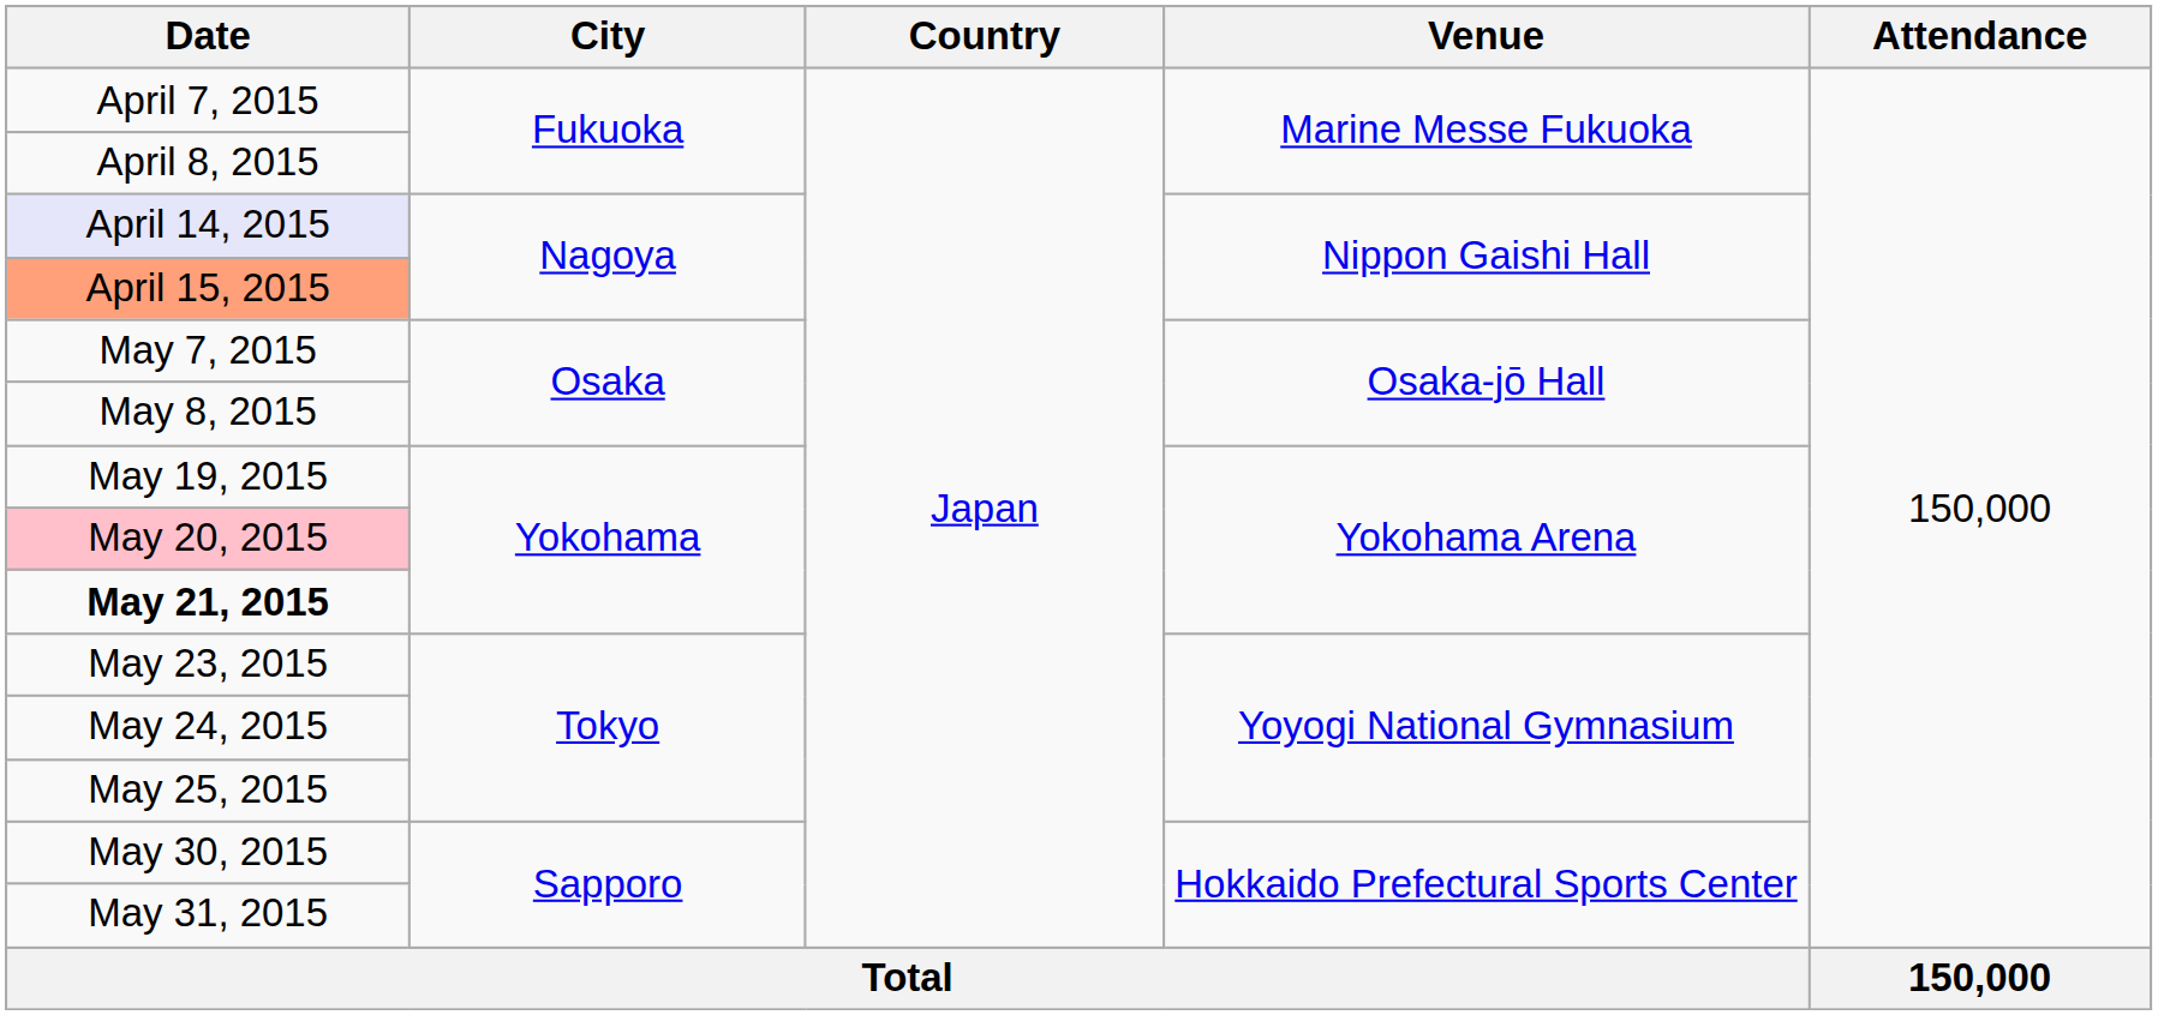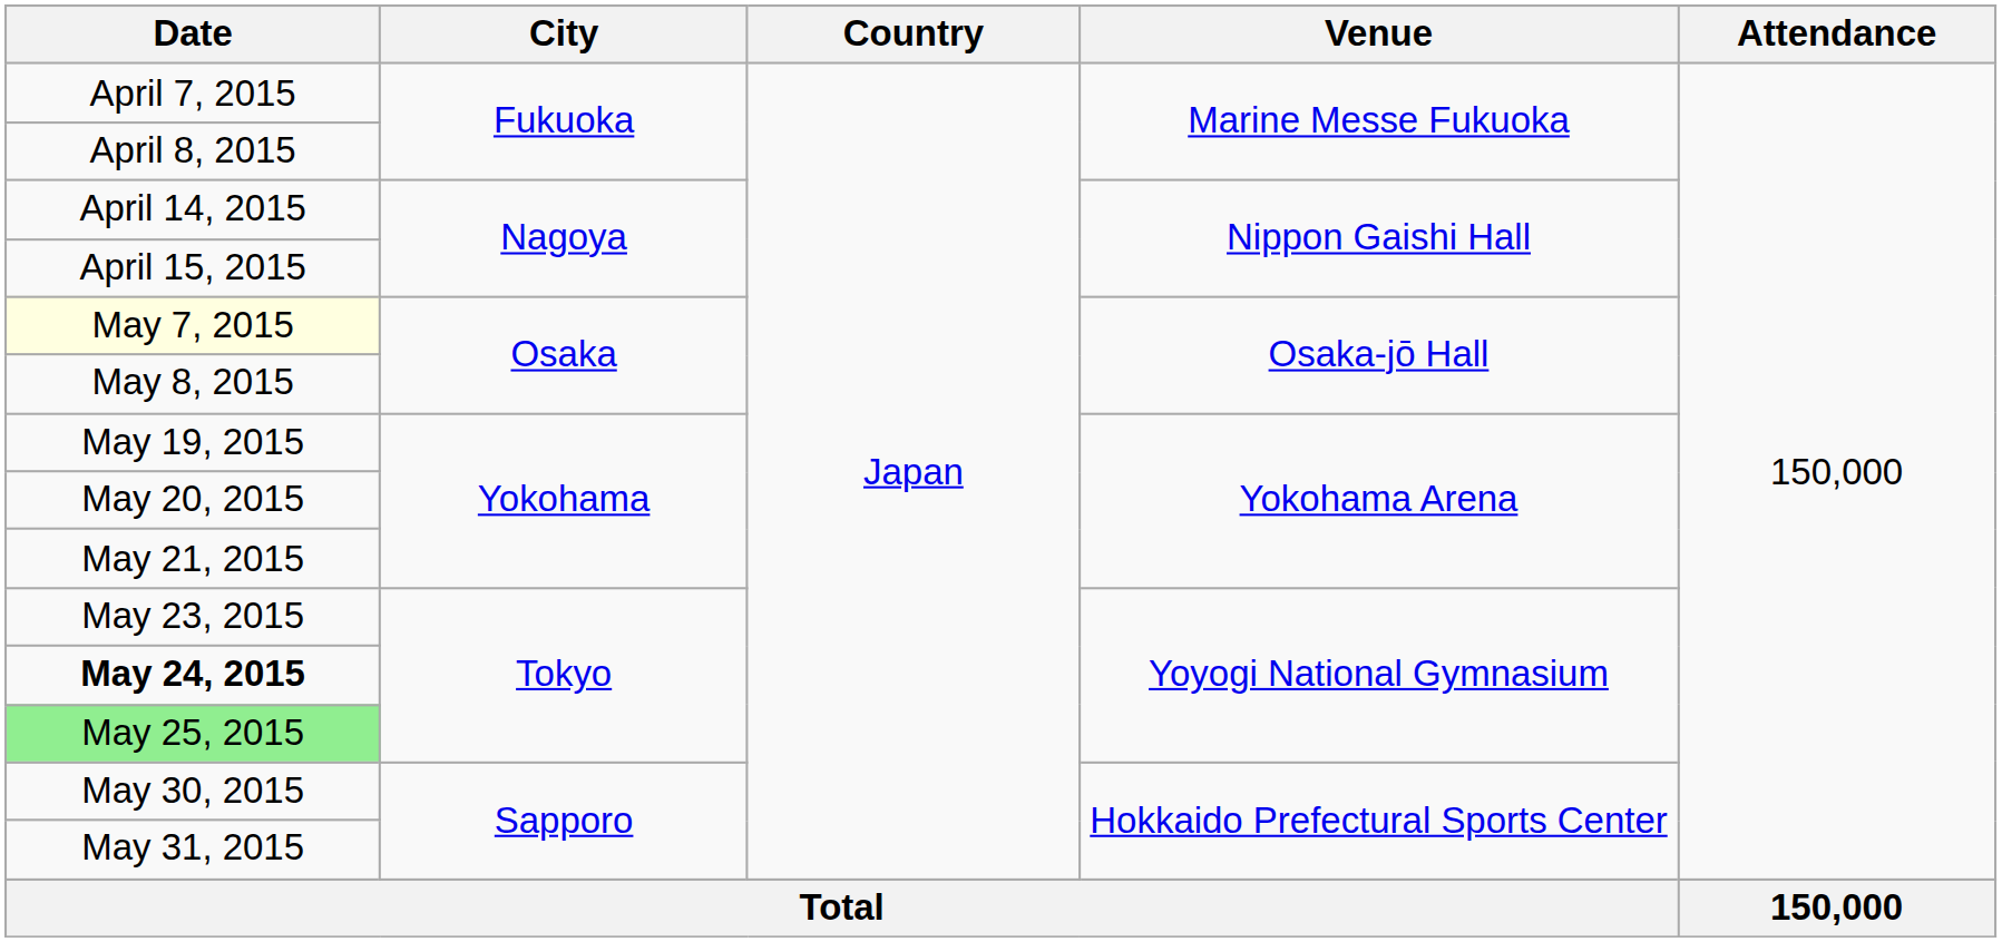 <table class="wikitable" style="text-align:center;">
 <tr>
 <th scope="col" style="width:12em;">Date</th>
 <th scope="col" style="width:11em;">City</th>
 <th scope="col" style="width:10em;">Country</th>
 <th scope="col" style="width:19em;">Venue</th>
 <th scope="col" style="width:9em;">Attendance</th>
 </tr>
 <tr>
 <td>April 7, 2015</td>
 <td rowspan="2"><a href='#'>Fukuoka</a></td>
 <td rowspan="14"><a href='#'>Japan</a></td>
 <td rowspan="2"><a href='#'>Marine Messe Fukuoka</a></td>
 <td rowspan="14">150,000</td>
 </tr>
 <tr>
 <td>April 8, 2015</td>
 </tr>
 <tr>
-<td style="background: lavender;">April 14, 2015</td>
+<td>April 14, 2015</td>
 <td rowspan="2"><a href='#'>Nagoya</a></td>
 <td rowspan="2"><a href='#'>Nippon Gaishi Hall</a></td>
 </tr>
 <tr>
-<td style="background: lightsalmon;">April 15, 2015</td>
+<td>April 15, 2015</td>
 </tr>
 <tr>
-<td>May 7, 2015</td>
+<td style="background: lightyellow;">May 7, 2015</td>
 <td rowspan="2"><a href='#'>Osaka</a></td>
 <td rowspan="2"><a href='#'>Osaka-jō Hall</a></td>
 </tr>
 <tr>
 <td>May 8, 2015</td>
 </tr>
 <tr>
 <td>May 19, 2015</td>
 <td rowspan="3"><a href='#'>Yokohama</a></td>
 <td rowspan="3"><a href='#'>Yokohama Arena</a></td>
 </tr>
 <tr>
-<td style="background: pink;">May 20, 2015</td>
+<td>May 20, 2015</td>
 </tr>
 <tr>
-<td><strong>May 21, 2015</strong></td>
+<td>May 21, 2015</td>
 </tr>
 <tr>
 <td>May 23, 2015</td>
 <td rowspan="3"><a href='#'>Tokyo</a></td>
 <td rowspan="3"><a href='#'>Yoyogi National Gymnasium</a></td>
 </tr>
 <tr>
-<td>May 24, 2015</td>
+<td><strong>May 24, 2015</strong></td>
 </tr>
 <tr>
-<td>May 25, 2015</td>
+<td style="background: lightgreen;">May 25, 2015</td>
 </tr>
 <tr>
 <td>May 30, 2015</td>
 <td rowspan="2"><a href='#'>Sapporo</a></td>
 <td rowspan="2"><a href='#'>Hokkaido Prefectural Sports Center</a></td>
 </tr>
 <tr>
 <td>May 31, 2015</td>
 </tr>
 <tr>
 <th colspan="4">Total</th>
 <th>150,000</th>
 </tr>
 </table>
